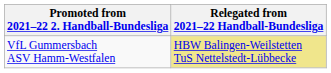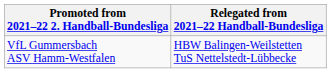 <table class="wikitable">
 <tr>
 <th>Promoted from<br><a href='#'>2021–22 2. Handball-Bundesliga</a></th>
 <th>Relegated from<br><a href='#'>2021–22 Handball-Bundesliga</a></th>
 </tr>
 <tr>
 <td><a href='#'>VfL Gummersbach</a><br><a href='#'>ASV Hamm-Westfalen</a></td>
-<td style="background: khaki;"><a href='#'>HBW Balingen-Weilstetten</a><br><a href='#'>TuS Nettelstedt-Lübbecke</a></td>
+<td><a href='#'>HBW Balingen-Weilstetten</a><br><a href='#'>TuS Nettelstedt-Lübbecke</a></td>
 </tr>
 </table>
